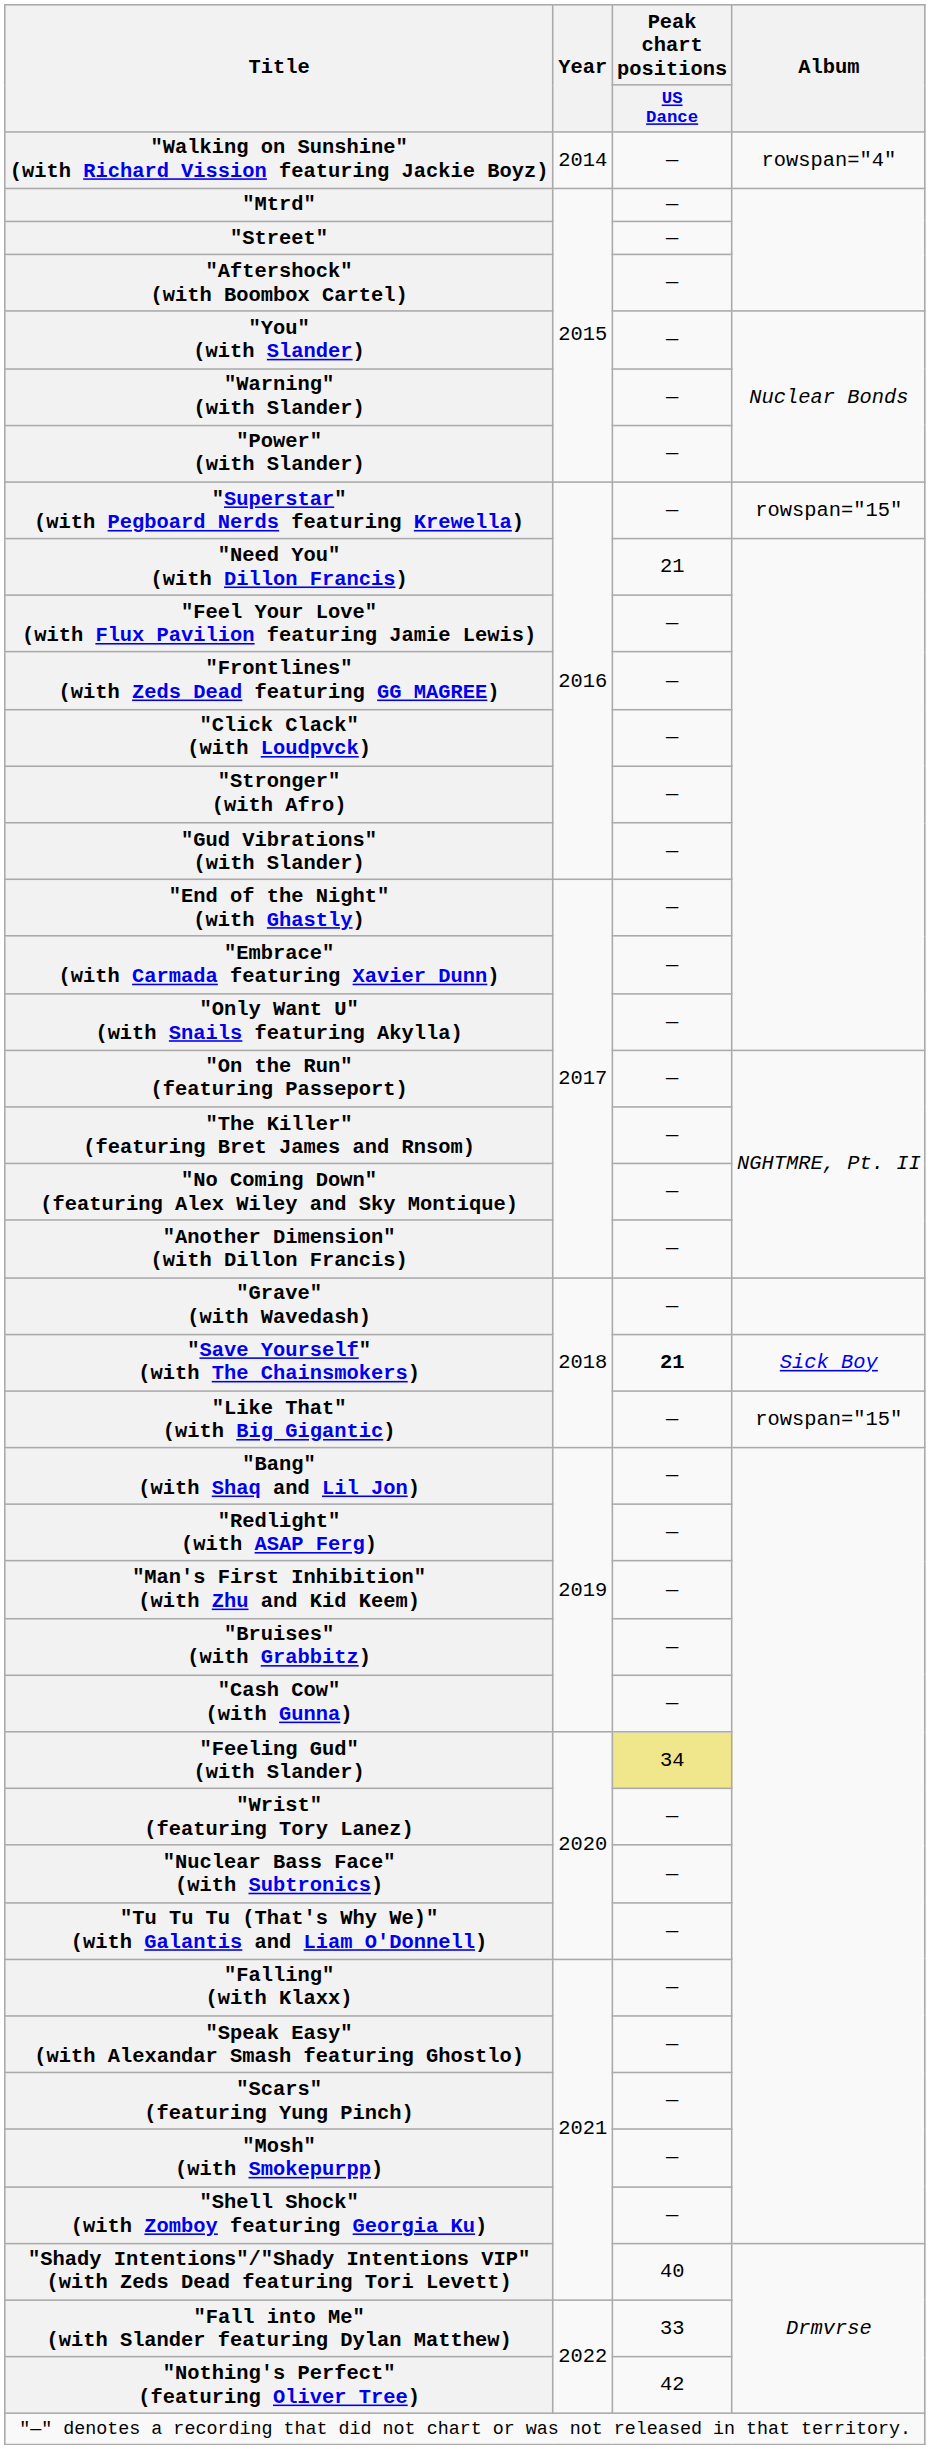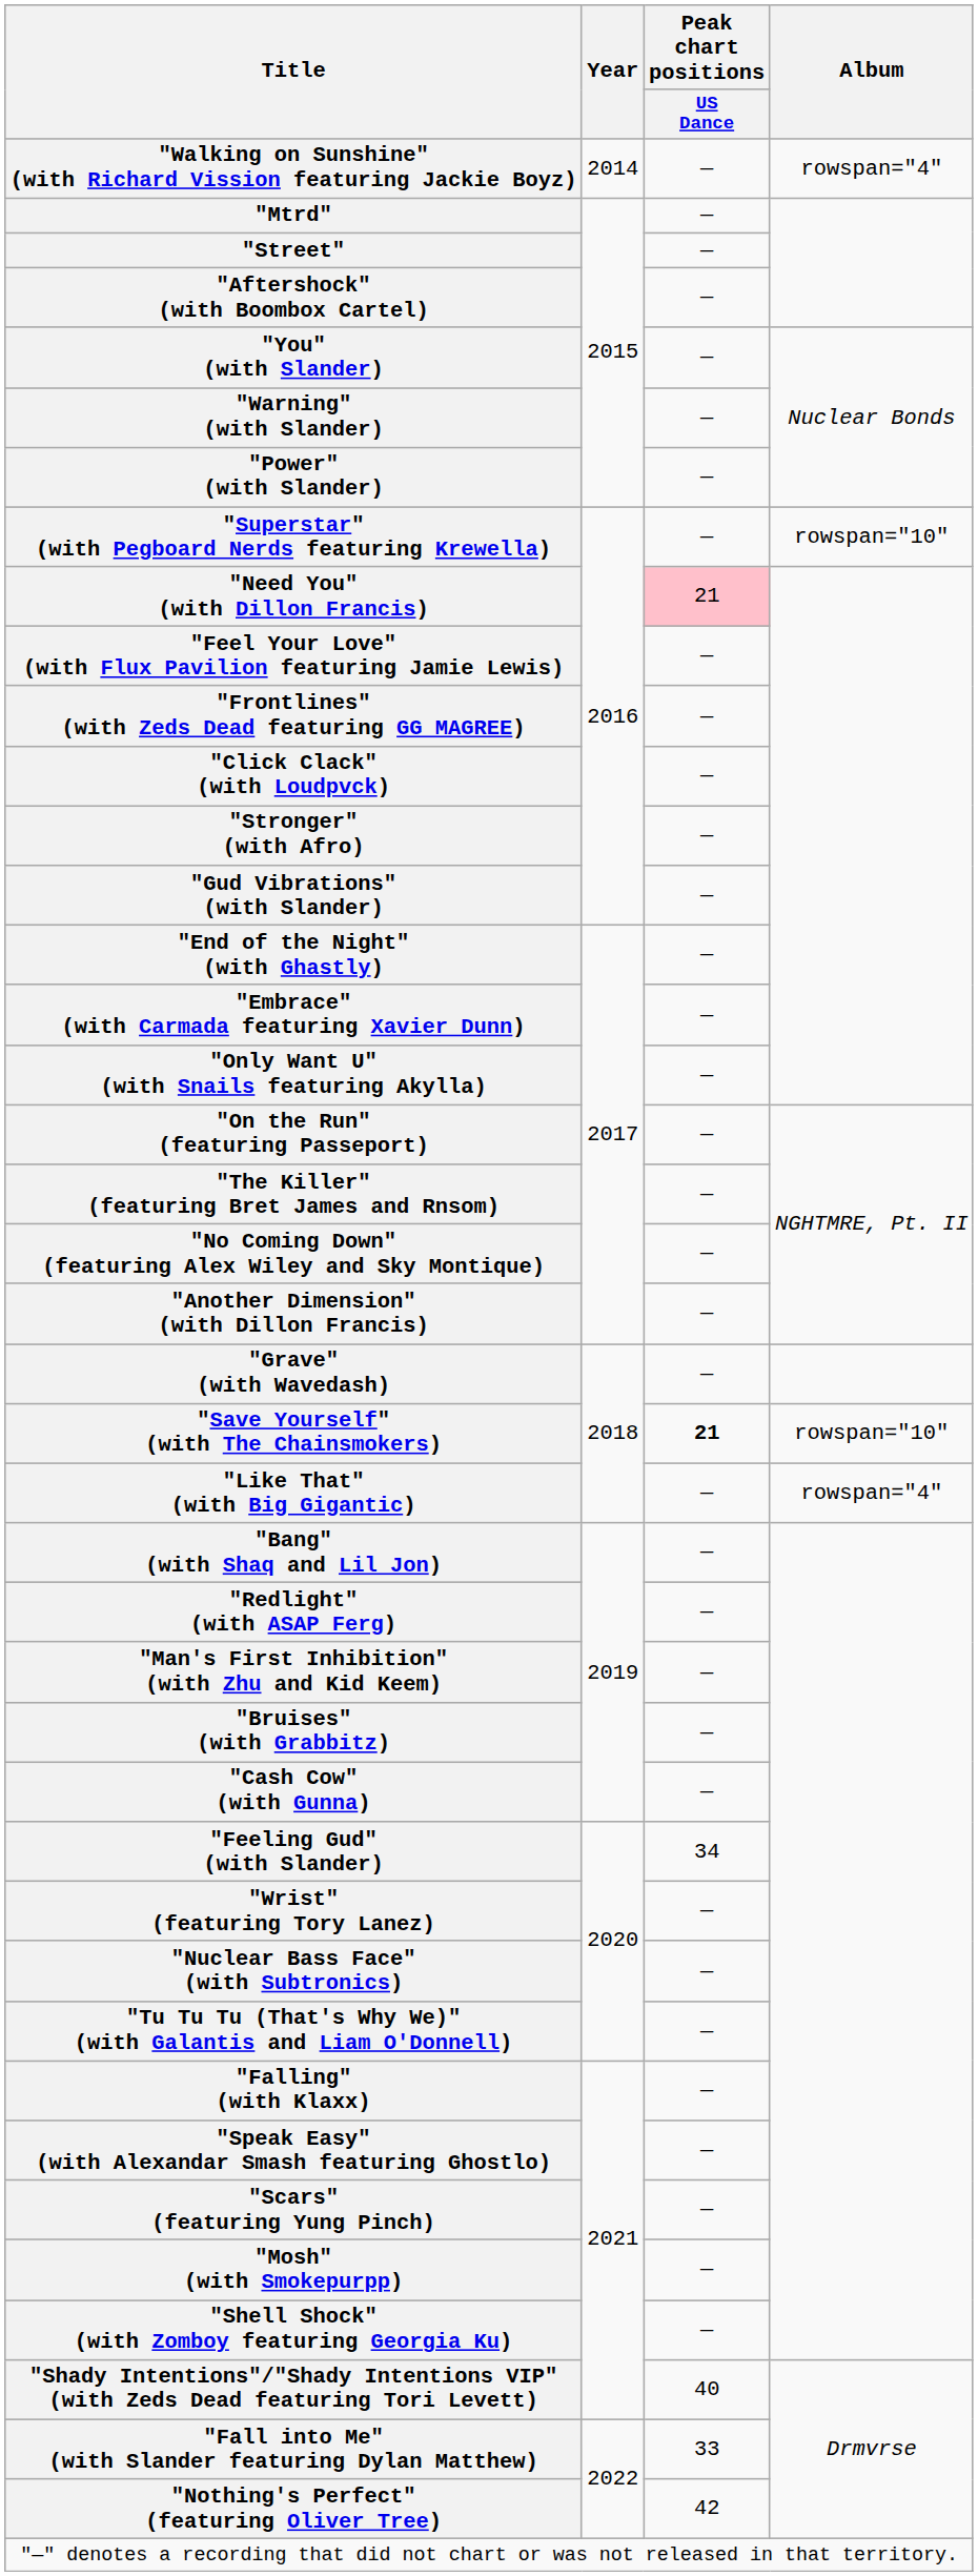 <table class="wikitable plainrowheaders" style="text-align:center;">
 <tr>
 <th rowspan="2">Title</th>
 <th rowspan="2">Year</th>
 <th>Peak chart positions</th>
 <th rowspan="2">Album</th>
 </tr>
 <tr>
 <th scope="col" style="width:3em;font-size:85%;"><a href='#'>US<br>Dance</a><br></th>
 </tr>
 <tr>
 <th scope="row">"Walking on Sunshine"<br><span>(with <a href='#'>Richard Vission</a> featuring Jackie Boyz)</span></th>
 <td>2014</td>
 <td>—</td>
 <td>rowspan="4" </td>
 </tr>
 <tr>
 <th scope="row">"Mtrd"</th>
 <td rowspan="6">2015</td>
 <td>—</td>
 </tr>
 <tr>
 <th scope="row">"Street"</th>
 <td>—</td>
 </tr>
 <tr>
 <th scope="row">"Aftershock"<br><span>(with Boombox Cartel)</span></th>
 <td>—</td>
 </tr>
 <tr>
 <th scope="row">"You"<br><span>(with <a href='#'>Slander</a>)</span></th>
 <td>—</td>
 <td rowspan="3"><em>Nuclear Bonds</em></td>
 </tr>
 <tr>
 <th scope="row">"Warning"<br><span>(with Slander)</span></th>
 <td>—</td>
 </tr>
 <tr>
 <th scope="row">"Power"<br><span>(with Slander)</span></th>
 <td>—</td>
 </tr>
 <tr>
 <th scope="row">"<a href='#'>Superstar</a>"<br><span>(with <a href='#'>Pegboard Nerds</a> featuring <a href='#'>Krewella</a>)</span></th>
 <td rowspan="7">2016</td>
 <td>—</td>
-<td>rowspan="15" </td>
+<td>rowspan="10" </td>
 </tr>
 <tr>
 <th scope="row">"Need You"<br><span>(with <a href='#'>Dillon Francis</a>)</span></th>
-<td>21</td>
+<td style="background: pink;">21</td>
 </tr>
 <tr>
 <th scope="row">"Feel Your Love"<br><span>(with <a href='#'>Flux Pavilion</a> featuring Jamie Lewis)</span></th>
 <td>—</td>
 </tr>
 <tr>
 <th scope="row">"Frontlines"<br><span>(with <a href='#'>Zeds Dead</a> featuring <a href='#'>GG MAGREE</a>)</span></th>
 <td>—</td>
 </tr>
 <tr>
 <th scope="row">"Click Clack"<br><span>(with <a href='#'>Loudpvck</a>)</span></th>
 <td>—</td>
 </tr>
 <tr>
 <th scope="row">"Stronger"<br><span>(with Afro)</span></th>
 <td>—</td>
 </tr>
 <tr>
 <th scope="row">"Gud Vibrations"<br><span>(with Slander)</span></th>
 <td>—</td>
 </tr>
 <tr>
 <th scope="row">"End of the Night"<br><span>(with <a href='#'>Ghastly</a>)</span></th>
 <td rowspan="7">2017</td>
 <td>—</td>
 </tr>
 <tr>
 <th scope="row">"Embrace" <br><span>(with <a href='#'>Carmada</a> featuring <a href='#'>Xavier Dunn</a>)</span></th>
 <td>—</td>
 </tr>
 <tr>
 <th scope="row">"Only Want U" <br><span>(with <a href='#'>Snails</a> featuring Akylla)</span></th>
 <td>—</td>
 </tr>
 <tr>
 <th scope="row">"On the Run" <br><span>(featuring Passeport)</span></th>
 <td>—</td>
 <td rowspan="4"><em>NGHTMRE, Pt. II</em></td>
 </tr>
 <tr>
 <th scope="row">"The Killer" <br><span>(featuring Bret James and Rnsom)</span></th>
 <td>—</td>
 </tr>
 <tr>
 <th scope="row">"No Coming Down" <br><span>(featuring Alex Wiley and Sky Montique)</span></th>
 <td>—</td>
 </tr>
 <tr>
 <th scope="row">"Another Dimension" <br><span>(with Dillon Francis)</span></th>
 <td>—</td>
 </tr>
 <tr>
 <th scope="row">"Grave" <br><span>(with Wavedash)</span></th>
 <td rowspan="3">2018</td>
 <td>—</td>
 <td></td>
 </tr>
 <tr>
 <th scope="row">"<a href='#'>Save Yourself</a>" <br><span>(with <a href='#'>The Chainsmokers</a>)</span></th>
 <td><strong>21</strong></td>
-<td><em><a href='#'>Sick Boy</a></em></td>
+<td>rowspan="10" </td>
 </tr>
 <tr>
 <th scope="row">"Like That" <br><span>(with <a href='#'>Big Gigantic</a>)</span></th>
 <td>—</td>
-<td>rowspan="15" </td>
+<td>rowspan="4" </td>
 </tr>
 <tr>
 <th scope="row">"Bang" <br><span>(with <a href='#'>Shaq</a> and <a href='#'>Lil Jon</a>)</span></th>
 <td rowspan="5">2019</td>
 <td>—</td>
 </tr>
 <tr>
 <th scope="row">"Redlight" <br><span>(with <a href='#'>ASAP Ferg</a>)</span></th>
 <td>—</td>
 </tr>
 <tr>
 <th scope="row">"Man's First Inhibition" <br><span>(with <a href='#'>Zhu</a> and Kid Keem)</span></th>
 <td>—</td>
 </tr>
 <tr>
 <th scope="row">"Bruises" <br><span>(with <a href='#'>Grabbitz</a>)</span></th>
 <td>—</td>
 </tr>
 <tr>
 <th scope="row">"Cash Cow" <br><span>(with <a href='#'>Gunna</a>)</span></th>
 <td>—</td>
 </tr>
 <tr>
 <th scope="row">"Feeling Gud" <br><span>(with Slander)</span></th>
 <td rowspan="4">2020</td>
-<td style="background: khaki;">34</td>
+<td>34</td>
 </tr>
 <tr>
 <th scope="row">"Wrist" <br><span>(featuring Tory Lanez)</span></th>
 <td>—</td>
 </tr>
 <tr>
 <th scope="row">"Nuclear Bass Face" <br><span>(with <a href='#'>Subtronics</a>)</span></th>
 <td>—</td>
 </tr>
 <tr>
 <th scope="row">"Tu Tu Tu (That's Why We)" <br><span>(with <a href='#'>Galantis</a> and <a href='#'>Liam O'Donnell</a>)</span></th>
 <td>—</td>
 </tr>
 <tr>
 <th scope="row">"Falling" <br><span>(with Klaxx)</span></th>
 <td rowspan="6">2021</td>
 <td>—</td>
 </tr>
 <tr>
 <th scope="row">"Speak Easy" <br><span>(with Alexandar Smash featuring Ghostlo)</span></th>
 <td>—</td>
 </tr>
 <tr>
 <th scope="row">"Scars" <br><span>(featuring Yung Pinch)</span></th>
 <td>—</td>
 </tr>
 <tr>
 <th scope="row">"Mosh" <br><span>(with <a href='#'>Smokepurpp</a>)</span></th>
 <td>—</td>
 </tr>
 <tr>
 <th scope="row">"Shell Shock" <br><span>(with <a href='#'>Zomboy</a> featuring <a href='#'>Georgia Ku</a>)</span></th>
 <td>—</td>
 </tr>
 <tr>
 <th scope="row">"Shady Intentions"/"Shady Intentions VIP" <br><span>(with Zeds Dead featuring Tori Levett)</span></th>
 <td>40</td>
 <td rowspan=3><em>Drmvrse</em></td>
 </tr>
 <tr>
 <th scope="row">"Fall into Me" <br><span>(with Slander featuring Dylan Matthew)</span></th>
 <td rowspan="2">2022</td>
 <td>33</td>
 </tr>
 <tr>
 <th scope="row">"Nothing's Perfect" <br><span>(featuring <a href='#'>Oliver Tree</a>)</span></th>
 <td>42</td>
 </tr>
 <tr>
 <td colspan="4" style="font-size:90%">"—" denotes a recording that did not chart or was not released in that territory.</td>
 </tr>
 </table>
